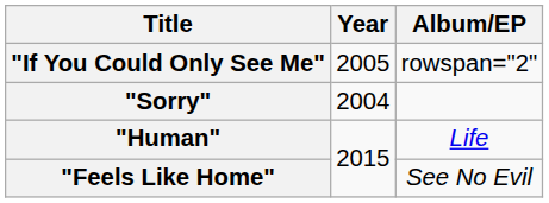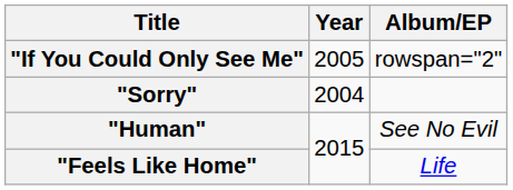 <table class="wikitable plainrowheaders">
 <tr>
 <th scope="col">Title</th>
 <th scope="col">Year</th>
 <th scope="col">Album/EP</th>
 </tr>
 <tr>
 <th scope="row">"If You Could Only See Me"<br></th>
 <td>2005</td>
 <td>rowspan="2" </td>
 </tr>
 <tr>
 <th scope="row">"Sorry"<br></th>
 <td>2004</td>
 </tr>
 <tr>
 <th scope="row">"Human" <br></th>
 <td rowspan="2">2015</td>
-<td align="center"><em><a href='#'>Life</a></em></td>
+<td align="center"><em>See No Evil</em></td>
 </tr>
 <tr>
 <th scope="row">"Feels Like Home" <br></th>
-<td align="center"><em>See No Evil</em></td>
+<td align="center"><em><a href='#'>Life</a></em></td>
 </tr>
 </table>
